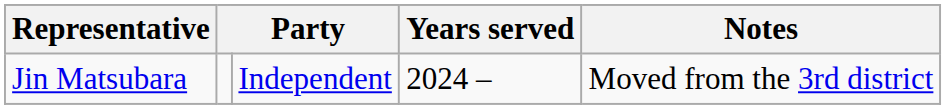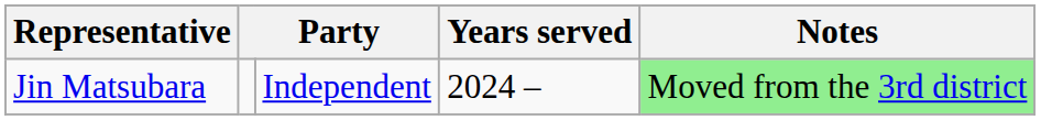 <table class="wikitable">
 <tr>
 <th>Representative</th>
 <th colspan="2">Party</th>
 <th>Years served</th>
 <th>Notes</th>
 </tr>
 <tr>
 <td><a href='#'>Jin Matsubara</a></td>
 <td bgcolor=></td>
 <td><a href='#'>Independent</a></td>
 <td>2024 –</td>
-<td>Moved from the <a href='#'>3rd district</a></td>
+<td style="background: lightgreen;">Moved from the <a href='#'>3rd district</a></td>
 </tr>
 </table>
